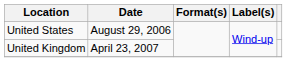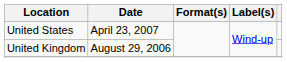 <table class="wikitable plainrowheaders">
 <tr>
 <th scope="col">Location</th>
 <th scope="col">Date</th>
 <th scope="col">Format(s)</th>
 <th scope="col">Label(s)</th>
 <th scope="col"></th>
 </tr>
 <tr>
 <td>United States</td>
-<td>August 29, 2006</td>
+<td>April 23, 2007</td>
 <td rowspan="2"></td>
 <td rowspan="2"><a href='#'>Wind-up</a></td>
 <td></td>
 </tr>
 <tr>
 <td>United Kingdom</td>
-<td>April 23, 2007</td>
+<td>August 29, 2006</td>
 <td></td>
 </tr>
 <tr>
 </tr>
 </table>
